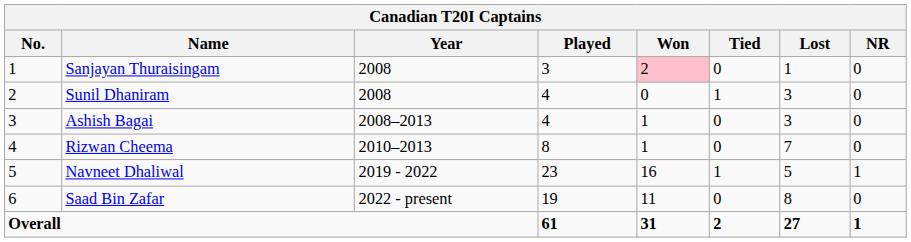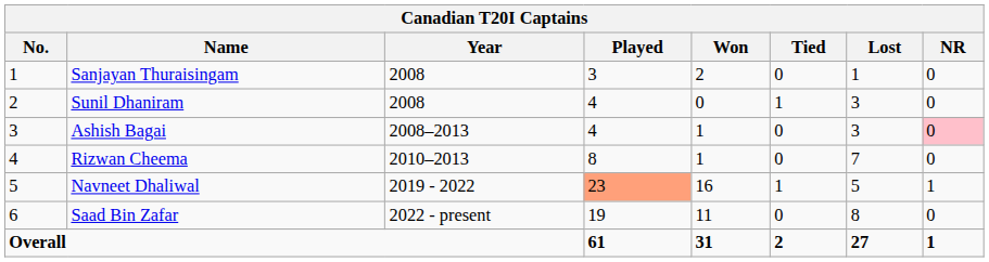 <table class="wikitable" width="70%">
 <tr>
 <th bgcolor="#efefef" colspan=9>Canadian T20I Captains</th>
 </tr>
 <tr bgcolor="#efefef">
 <th>No.</th>
 <th>Name</th>
 <th>Year</th>
 <th>Played</th>
 <th>Won</th>
 <th>Tied</th>
 <th>Lost</th>
 <th>NR</th>
 </tr>
 <tr>
 <td>1</td>
 <td><a href='#'>Sanjayan Thuraisingam</a></td>
 <td>2008</td>
 <td>3</td>
-<td style="background: pink;">2</td>
+<td>2</td>
 <td>0</td>
 <td>1</td>
 <td>0</td>
 </tr>
 <tr>
 <td>2</td>
 <td><a href='#'>Sunil Dhaniram</a></td>
 <td>2008</td>
 <td>4</td>
 <td>0</td>
 <td>1</td>
 <td>3</td>
 <td>0</td>
 </tr>
 <tr>
 <td>3</td>
 <td><a href='#'>Ashish Bagai</a></td>
 <td>2008–2013</td>
 <td>4</td>
 <td>1</td>
 <td>0</td>
 <td>3</td>
-<td>0</td>
+<td style="background: pink;">0</td>
 </tr>
 <tr>
 <td>4</td>
 <td><a href='#'>Rizwan Cheema</a></td>
 <td>2010–2013</td>
 <td>8</td>
 <td>1</td>
 <td>0</td>
 <td>7</td>
 <td>0</td>
 </tr>
 <tr>
 <td>5</td>
 <td><a href='#'>Navneet Dhaliwal</a></td>
 <td>2019 - 2022</td>
-<td>23</td>
+<td style="background: lightsalmon;">23</td>
 <td>16</td>
 <td>1</td>
 <td>5</td>
 <td>1</td>
 </tr>
 <tr>
 <td>6</td>
 <td><a href='#'>Saad Bin Zafar</a></td>
 <td>2022 - present</td>
 <td>19</td>
 <td>11</td>
 <td>0</td>
 <td>8</td>
 <td>0</td>
 </tr>
 <tr>
 <td colspan=3><strong>Overall</strong></td>
 <td><strong>61</strong></td>
 <td><strong>31</strong></td>
 <td><strong>2</strong></td>
 <td><strong>27</strong></td>
 <td><strong>1</strong></td>
 </tr>
 </table>
